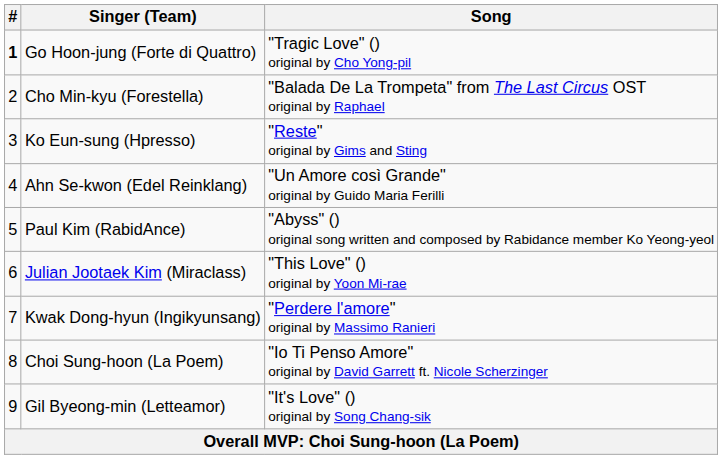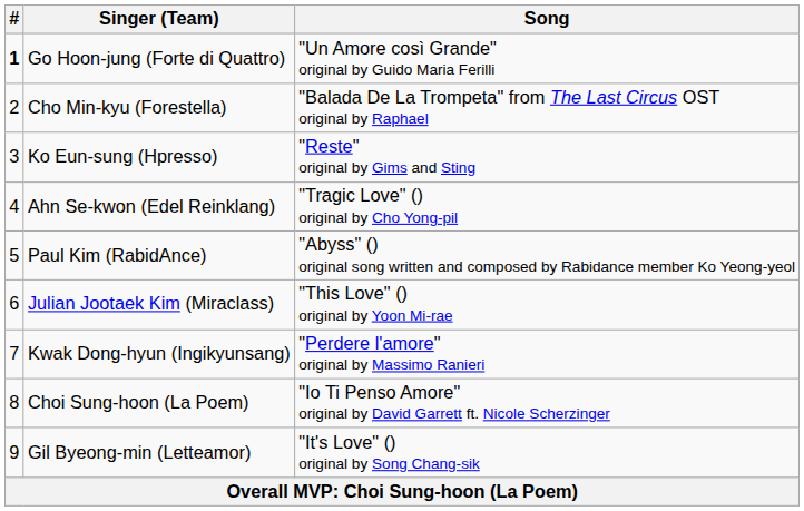 <table class="wikitable">
 <tr>
 <th style="text-align:center;">#</th>
 <th style="text-align:center;">Singer (Team)</th>
 <th style="text-align:center;">Song</th>
 </tr>
 <tr>
 <td><strong>1</strong></td>
 <td>Go Hoon-jung (Forte di Quattro)</td>
-<td>"Tragic Love" () <br> <small>original by <a href='#'>Cho Yong-pil</a></small></td>
+<td>"Un Amore così Grande" <br> <small>original by Guido Maria Ferilli</small></td>
 </tr>
 <tr>
 <td>2</td>
 <td>Cho Min-kyu (Forestella)</td>
 <td>"Balada De La Trompeta" from <em><a href='#'>The Last Circus</a></em> OST <br> <small>original by <a href='#'>Raphael</a></small></td>
 </tr>
 <tr>
 <td>3</td>
 <td>Ko Eun-sung (Hpresso)</td>
 <td>"<a href='#'>Reste</a>" <br> <small>original by <a href='#'>Gims</a> and <a href='#'>Sting</a></small></td>
 </tr>
 <tr>
 <td>4</td>
 <td>Ahn Se-kwon (Edel Reinklang)</td>
-<td>"Un Amore così Grande" <br> <small>original by Guido Maria Ferilli</small></td>
+<td>"Tragic Love" () <br> <small>original by <a href='#'>Cho Yong-pil</a></small></td>
 </tr>
 <tr>
 <td>5</td>
 <td>Paul Kim (RabidAnce)</td>
 <td>"Abyss" () <br> <small>original song written and composed by Rabidance member Ko Yeong-yeol</small></td>
 </tr>
 <tr>
 <td>6</td>
 <td><a href='#'>Julian Jootaek Kim</a> (Miraclass)</td>
 <td>"This Love" () <br> <small>original by <a href='#'>Yoon Mi-rae</a></small></td>
 </tr>
 <tr>
 <td>7</td>
 <td>Kwak Dong-hyun (Ingikyunsang)</td>
 <td>"<a href='#'>Perdere l'amore</a>" <br> <small>original by <a href='#'>Massimo Ranieri</a></small></td>
 </tr>
 <tr>
 <td>8</td>
 <td>Choi Sung-hoon (La Poem)</td>
 <td>"Io Ti Penso Amore" <br> <small>original by <a href='#'>David Garrett</a> ft. <a href='#'>Nicole Scherzinger</a></small></td>
 </tr>
 <tr>
 <td>9</td>
 <td>Gil Byeong-min (Letteamor)</td>
 <td>"It's Love" () <br> <small>original by <a href='#'>Song Chang-sik</a></small></td>
 </tr>
 <tr>
 <th style="text-align:center;" colspan="4">Overall MVP: <strong>Choi Sung-hoon (La Poem)</strong></th>
 </tr>
 </table>
